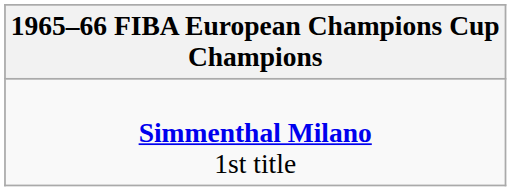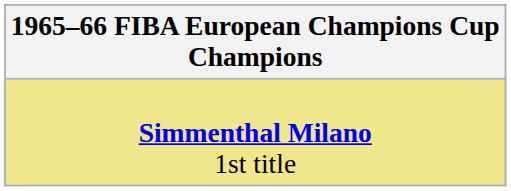 <table class=wikitable style="text-align:center; margin:auto">
 <tr>
 <th>1965–66 FIBA European Champions Cup <br>Champions</th>
 </tr>
 <tr>
-<td><br> <strong><a href='#'>Simmenthal Milano</a></strong><br>1st title</td>
+<td style="background: khaki;"><br> <strong><a href='#'>Simmenthal Milano</a></strong><br>1st title</td>
 </tr>
 </table>
